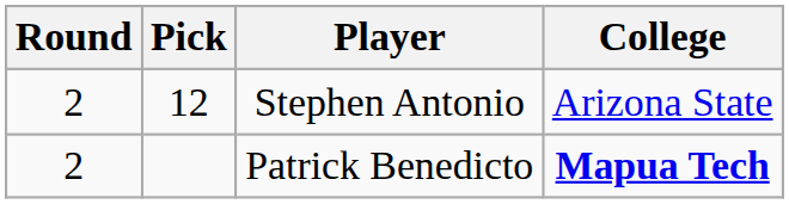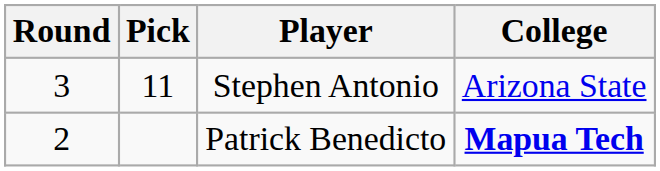 <table class="wikitable sortable sortable">
 <tr>
 <th>Round</th>
 <th>Pick</th>
 <th>Player</th>
 <th>College</th>
 </tr>
 <tr style="text-align: center">
-<td>2</td>
-<td>12</td>
+<td>3</td>
+<td>11</td>
 <td>Stephen Antonio</td>
 <td><a href='#'>Arizona State</a></td>
 </tr>
 <tr style="text-align: center">
 <td>2</td>
 <td></td>
 <td>Patrick Benedicto</td>
 <td><strong><a href='#'>Mapua Tech</a></strong></td>
 </tr>
 </table>
